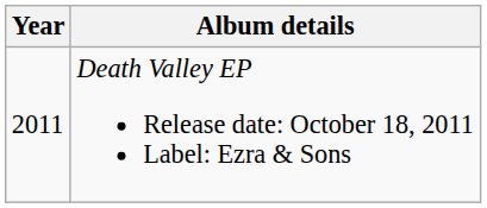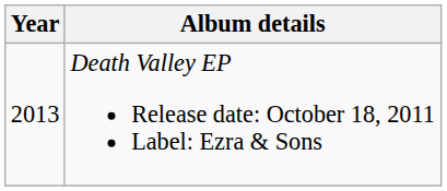 <table class="wikitable">
 <tr>
 <th>Year</th>
 <th>Album details</th>
 </tr>
 <tr>
-<td>2011</td>
+<td>2013</td>
 <td style="text-align:left;"><em>Death Valley EP</em><br><ul><li>Release date: October 18, 2011</li><li>Label: Ezra & Sons</li></ul></td>
 </tr>
 </table>
